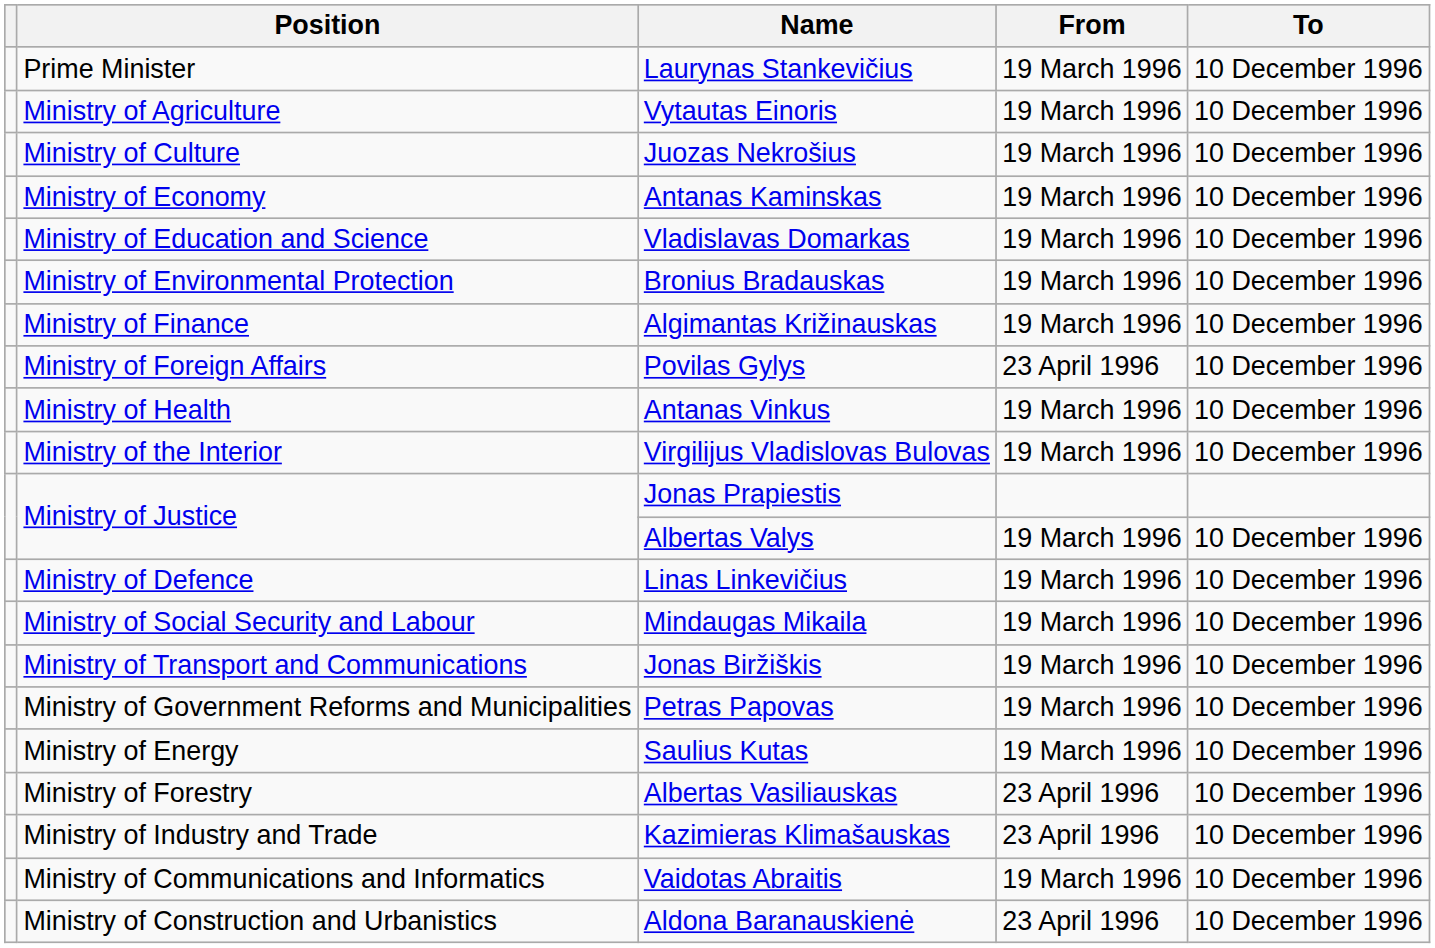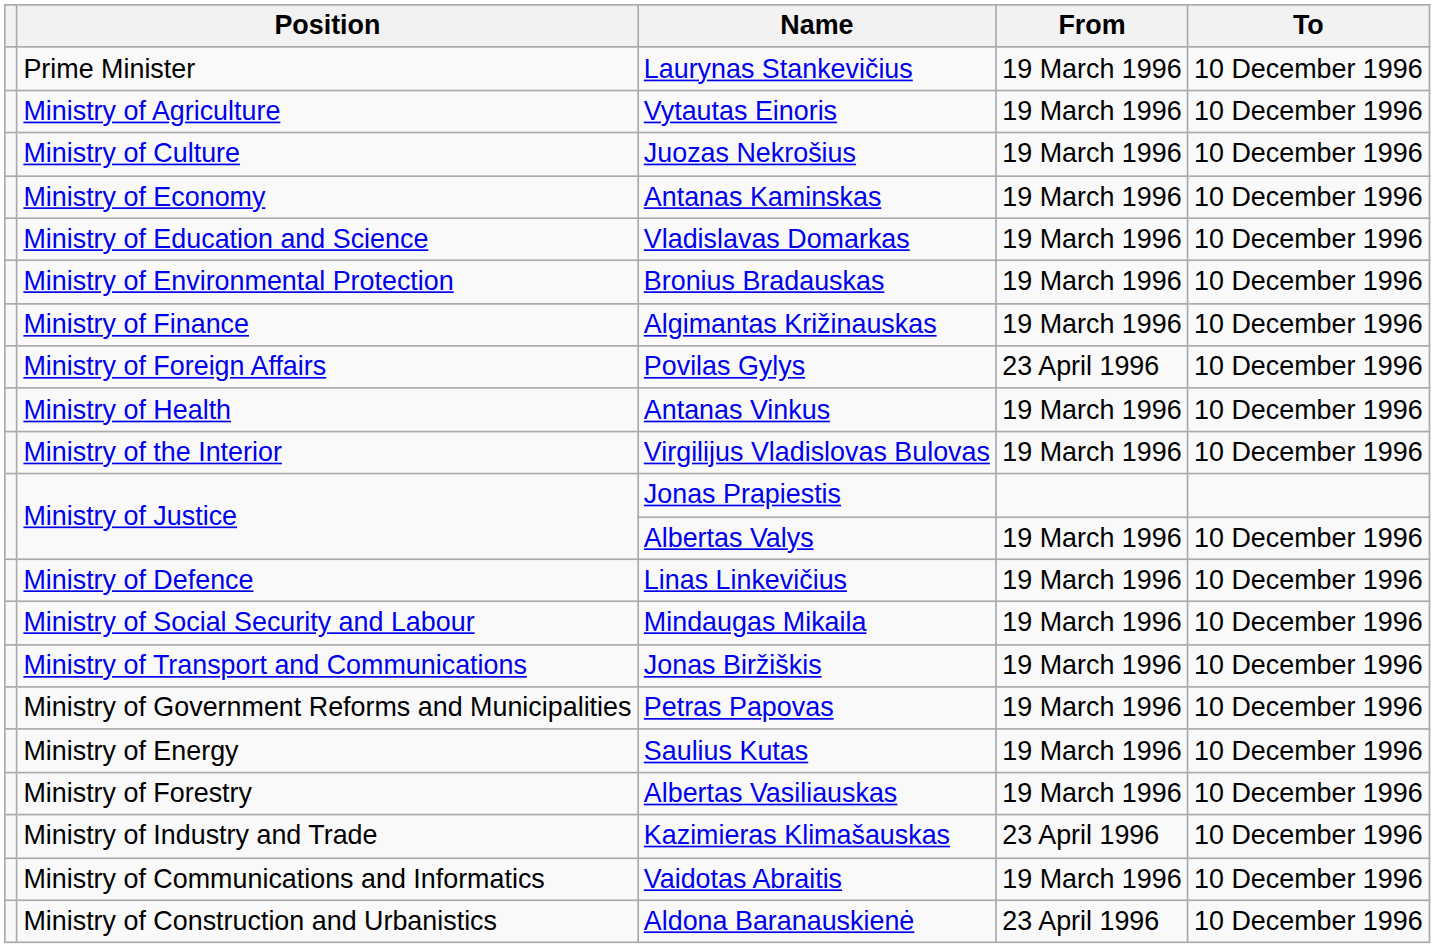 <table class="wikitable">
 <tr>
 <th></th>
 <th>Position</th>
 <th>Name</th>
 <th>From</th>
 <th>To</th>
 </tr>
 <tr>
 <td style="background-color: "></td>
 <td>Prime Minister</td>
 <td><a href='#'>Laurynas Stankevičius</a></td>
 <td>19 March 1996</td>
 <td>10 December 1996</td>
 </tr>
 <tr>
 <td style="background-color: "></td>
 <td><a href='#'>Ministry of Agriculture</a></td>
 <td><a href='#'>Vytautas Einoris</a></td>
 <td>19 March 1996</td>
 <td>10 December 1996</td>
 </tr>
 <tr>
 <td style="background-color: "></td>
 <td><a href='#'>Ministry of Culture</a></td>
 <td><a href='#'>Juozas Nekrošius</a></td>
 <td>19 March 1996</td>
 <td>10 December 1996</td>
 </tr>
 <tr>
 <td style="background-color: "></td>
 <td><a href='#'>Ministry of Economy</a></td>
 <td><a href='#'>Antanas Kaminskas</a></td>
 <td>19 March 1996</td>
 <td>10 December 1996</td>
 </tr>
 <tr>
 <td style="background-color: "></td>
 <td><a href='#'>Ministry of Education and Science</a></td>
 <td><a href='#'>Vladislavas Domarkas</a></td>
 <td>19 March 1996</td>
 <td>10 December 1996</td>
 </tr>
 <tr>
 <td style="background-color: "></td>
 <td><a href='#'>Ministry of Environmental Protection</a></td>
 <td><a href='#'>Bronius Bradauskas</a></td>
 <td>19 March 1996</td>
 <td>10 December 1996</td>
 </tr>
 <tr>
 <td style="background-color: "></td>
 <td><a href='#'>Ministry of Finance</a></td>
 <td><a href='#'>Algimantas Križinauskas</a></td>
 <td>19 March 1996</td>
 <td>10 December 1996</td>
 </tr>
 <tr>
 <td style="background-color: "></td>
 <td><a href='#'>Ministry of Foreign Affairs</a></td>
 <td><a href='#'>Povilas Gylys</a></td>
 <td>23 April 1996</td>
 <td>10 December 1996</td>
 </tr>
 <tr>
 <td style="background-color: "></td>
 <td><a href='#'>Ministry of Health</a></td>
 <td><a href='#'>Antanas Vinkus</a></td>
 <td>19 March 1996</td>
 <td>10 December 1996</td>
 </tr>
 <tr>
 <td style="background-color: "></td>
 <td><a href='#'>Ministry of the Interior</a></td>
 <td><a href='#'>Virgilijus Vladislovas Bulovas</a></td>
 <td>19 March 1996</td>
 <td>10 December 1996</td>
 </tr>
 <tr>
 <td rowspan=2 style="background-color: "></td>
 <td rowspan=2><a href='#'>Ministry of Justice</a></td>
 <td><a href='#'>Jonas Prapiestis</a></td>
 <td></td>
 <td></td>
 </tr>
 <tr>
 <td><a href='#'>Albertas Valys</a></td>
 <td>19 March 1996</td>
 <td>10 December 1996</td>
 </tr>
 <tr>
 <td style="background-color: "></td>
 <td><a href='#'>Ministry of Defence</a></td>
 <td><a href='#'>Linas Linkevičius</a></td>
 <td>19 March 1996</td>
 <td>10 December 1996</td>
 </tr>
 <tr>
 <td style="background-color: "></td>
 <td><a href='#'>Ministry of Social Security and Labour</a></td>
 <td><a href='#'>Mindaugas Mikaila</a></td>
 <td>19 March 1996</td>
 <td>10 December 1996</td>
 </tr>
 <tr>
 <td style="background-color: "></td>
 <td><a href='#'>Ministry of Transport and Communications</a></td>
 <td><a href='#'>Jonas Biržiškis</a></td>
 <td>19 March 1996</td>
 <td>10 December 1996</td>
 </tr>
 <tr>
 <td style="background-color: "></td>
 <td>Ministry of Government Reforms and Municipalities</td>
 <td><a href='#'>Petras Papovas</a></td>
 <td>19 March 1996</td>
 <td>10 December 1996</td>
 </tr>
 <tr>
 <td style="background-color: "></td>
 <td>Ministry of Energy</td>
 <td><a href='#'>Saulius Kutas</a></td>
 <td>19 March 1996</td>
 <td>10 December 1996</td>
 </tr>
 <tr>
 <td style="background-color: "></td>
 <td>Ministry of Forestry</td>
 <td><a href='#'>Albertas Vasiliauskas</a></td>
-<td>23 April 1996</td>
+<td>19 March 1996</td>
 <td>10 December 1996</td>
 </tr>
 <tr>
 <td style="background-color: "></td>
 <td>Ministry of Industry and Trade</td>
 <td><a href='#'>Kazimieras Klimašauskas</a></td>
 <td>23 April 1996</td>
 <td>10 December 1996</td>
 </tr>
 <tr>
 <td style="background-color: "></td>
 <td>Ministry of Communications and Informatics</td>
 <td><a href='#'>Vaidotas Abraitis</a></td>
 <td>19 March 1996</td>
 <td>10 December 1996</td>
 </tr>
 <tr>
 <td style="background-color: "></td>
 <td>Ministry of Construction and Urbanistics</td>
 <td><a href='#'>Aldona Baranauskienė</a></td>
 <td>23 April 1996</td>
 <td>10 December 1996</td>
 </tr>
 </table>
